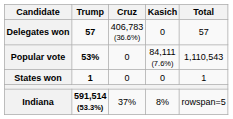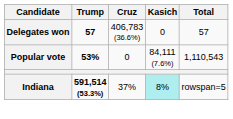 <table class="wikitable" style="font-size:12px; text-align: center;">
 <tr>
 <th>Candidate</th>
 <th>Trump</th>
 <th>Cruz</th>
 <th>Kasich</th>
 <th>Total</th>
 </tr>
 <tr>
 <th>Delegates won</th>
 <td><strong>57</strong> </td>
 <td> 406,783 <br> <small>(36.6%)</small></td>
 <td> 0</td>
 <td>57 </td>
 </tr>
 <tr>
 <th>Popular vote</th>
 <td><strong>53%</strong></td>
 <td> 0</td>
 <td> 84,111 <br> <small>(7.6%)</small></td>
 <td>1,110,543 </td>
 </tr>
 <tr>
-<th>States won</th>
-<td><strong>1</strong></td>
-<td> 0</td>
-<td> 0</td>
-<td>1</td>
-</tr>
-<tr>
 <th colspan="5"></th>
 </tr>
 <tr>
 <th>Indiana</th>
 <td><strong>591,514 <br> <small>(53.3%)</small></strong></td>
 <td>37%</td>
-<td>8%</td>
+<td style="background: paleturquoise;">8%</td>
 <td>rowspan=5 </td>
 </tr>
 </table>
